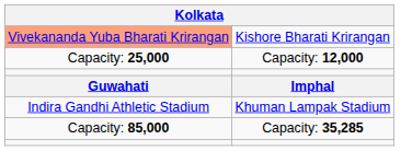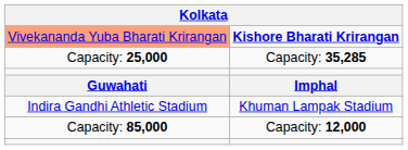 <table class="wikitable" style="text-align:center;">
 <tr>
 <th colspan="2"><a href='#'>Kolkata</a></th>
 </tr>
 <tr>
 <td style="background: lightsalmon;"><a href='#'>Vivekananda Yuba Bharati Krirangan</a></td>
-<td><a href='#'>Kishore Bharati Krirangan</a></td>
+<td><strong><a href='#'>Kishore Bharati Krirangan</a></strong></td>
 </tr>
 <tr>
 <td>Capacity: <strong>25,000</strong></td>
-<td>Capacity: <strong>12,000</strong></td>
+<td>Capacity: <strong>35,285</strong></td>
 </tr>
 <tr>
 <td></td>
 <td></td>
 </tr>
 <tr>
 <th><a href='#'>Guwahati</a></th>
 <th><a href='#'>Imphal</a></th>
 </tr>
 <tr>
 <td><a href='#'>Indira Gandhi Athletic Stadium</a></td>
 <td><a href='#'>Khuman Lampak Stadium</a></td>
 </tr>
 <tr>
 <td>Capacity: <strong>85,000</strong></td>
-<td>Capacity: <strong>35,285</strong></td>
+<td>Capacity: <strong>12,000</strong></td>
 </tr>
 <tr>
 <td></td>
 <td></td>
 </tr>
 </table>
